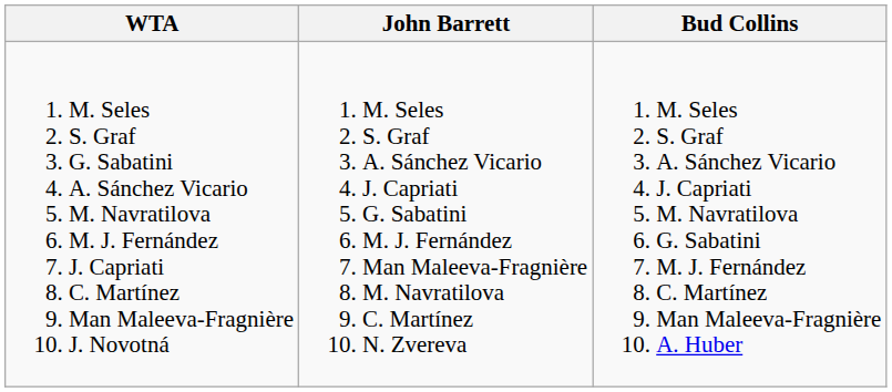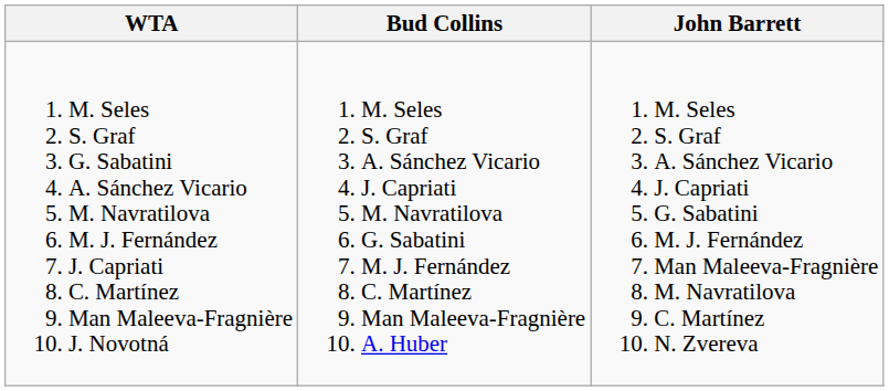 <table class="wikitable">
 <tr>
 <th>WTA</th>
+<th>Bud Collins</th>
 <th>John Barrett</th>
-<th>Bud Collins</th>
 </tr>
 <tr style="vertical-align: top;">
 <td style="white-space: nowrap;"><br><ol><li> M. Seles</li><li> S. Graf</li><li> G. Sabatini</li><li> A. Sánchez Vicario</li><li> M. Navratilova</li><li> M. J. Fernández</li><li> J. Capriati</li><li> C. Martínez</li><li> Man Maleeva-Fragnière</li><li> J. Novotná</li></ol></td>
+<td style="white-space: nowrap;"><br><ol><li> M. Seles</li><li> S. Graf</li><li> A. Sánchez Vicario</li><li> J. Capriati</li><li> M. Navratilova</li><li> G. Sabatini</li><li> M. J. Fernández</li><li> C. Martínez</li><li> Man Maleeva-Fragnière</li><li> <a href='#'>A. Huber</a></li></ol></td>
 <td style="white-space: nowrap;"><br><ol><li> M. Seles</li><li> S. Graf</li><li> A. Sánchez Vicario</li><li> J. Capriati</li><li> G. Sabatini</li><li> M. J. Fernández</li><li> Man Maleeva-Fragnière</li><li> M. Navratilova</li><li> C. Martínez</li><li> N. Zvereva</li></ol></td>
-<td style="white-space: nowrap;"><br><ol><li> M. Seles</li><li> S. Graf</li><li> A. Sánchez Vicario</li><li> J. Capriati</li><li> M. Navratilova</li><li> G. Sabatini</li><li> M. J. Fernández</li><li> C. Martínez</li><li> Man Maleeva-Fragnière</li><li> <a href='#'>A. Huber</a></li></ol></td>
 </tr>
 </table>
